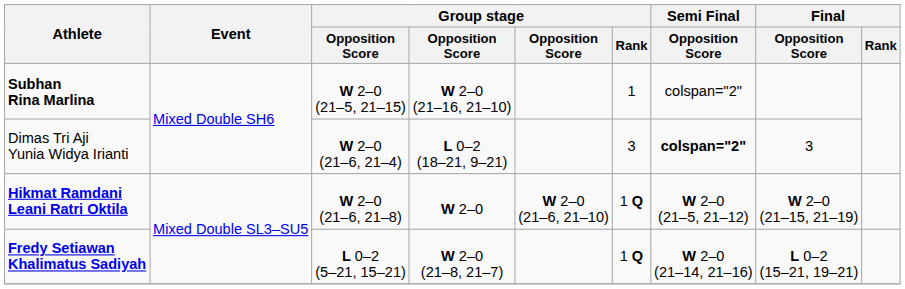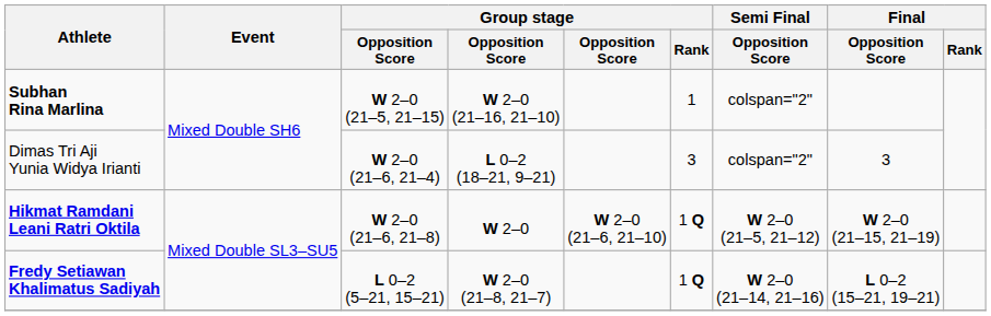 <table class="wikitable" style="font-size:85%; text-align:center">
 <tr>
 <th rowspan="2">Athlete</th>
 <th rowspan="2">Event</th>
 <th colspan="4">Group stage</th>
 <th colspan="1">Semi Final</th>
 <th colspan="2">Final</th>
 </tr>
 <tr style="font-size:90%">
 <th>Opposition<br>Score</th>
 <th>Opposition<br>Score</th>
 <th>Opposition<br>Score</th>
 <th>Rank</th>
 <th>Opposition<br>Score</th>
 <th>Opposition<br>Score</th>
 <th>Rank</th>
 </tr>
 <tr>
 <td align="left"><strong>Subhan<br>Rina Marlina</strong></td>
 <td align="left" rowspan="2"><a href='#'>Mixed Double SH6</a></td>
 <td><br><strong>W</strong> 2–0<br>(21–5, 21–15)</td>
 <td><br><strong>W</strong> 2–0<br>(21–16, 21–10)</td>
 <td></td>
 <td>1</td>
 <td>colspan="2" </td>
 <td></td>
 </tr>
 <tr>
 <td align="left">Dimas Tri Aji<br>Yunia Widya Irianti</td>
 <td><br><strong>W</strong> 2–0<br>(21–6, 21–4)</td>
 <td><br><strong>L</strong> 0–2<br>(18–21, 9–21)</td>
 <td></td>
 <td>3</td>
-<td><strong>colspan="2" </strong></td>
+<td>colspan="2" </td>
 <td>3</td>
 </tr>
 <tr>
 <td align="left"><strong><a href='#'>Hikmat Ramdani</a><br><a href='#'>Leani Ratri Oktila</a></strong></td>
 <td align="left" rowspan="2"><a href='#'>Mixed Double SL3–SU5</a></td>
 <td><br><strong>W</strong> 2–0<br>(21–6, 21–8)</td>
 <td><br><strong>W</strong> 2–0<br></td>
 <td><br><strong>W</strong> 2–0<br>(21–6, 21–10)</td>
 <td>1 <strong>Q</strong></td>
 <td><br><strong>W</strong> 2–0<br>(21–5, 21–12)</td>
 <td><br><strong>W</strong> 2–0<br>(21–15, 21–19)</td>
 <td></td>
 </tr>
 <tr>
 <td align="left"><strong><a href='#'>Fredy Setiawan</a><br><a href='#'>Khalimatus Sadiyah</a></strong></td>
 <td><br><strong>L</strong> 0–2<br>(5–21, 15–21)</td>
 <td><br><strong>W</strong> 2–0<br>(21–8, 21–7)</td>
 <td></td>
 <td>1 <strong>Q</strong></td>
 <td><br><strong>W</strong> 2–0<br>(21–14, 21–16)</td>
 <td><br><strong>L</strong> 0–2<br>(15–21, 19–21)</td>
 <td></td>
 </tr>
 <tr>
 </tr>
 </table>
